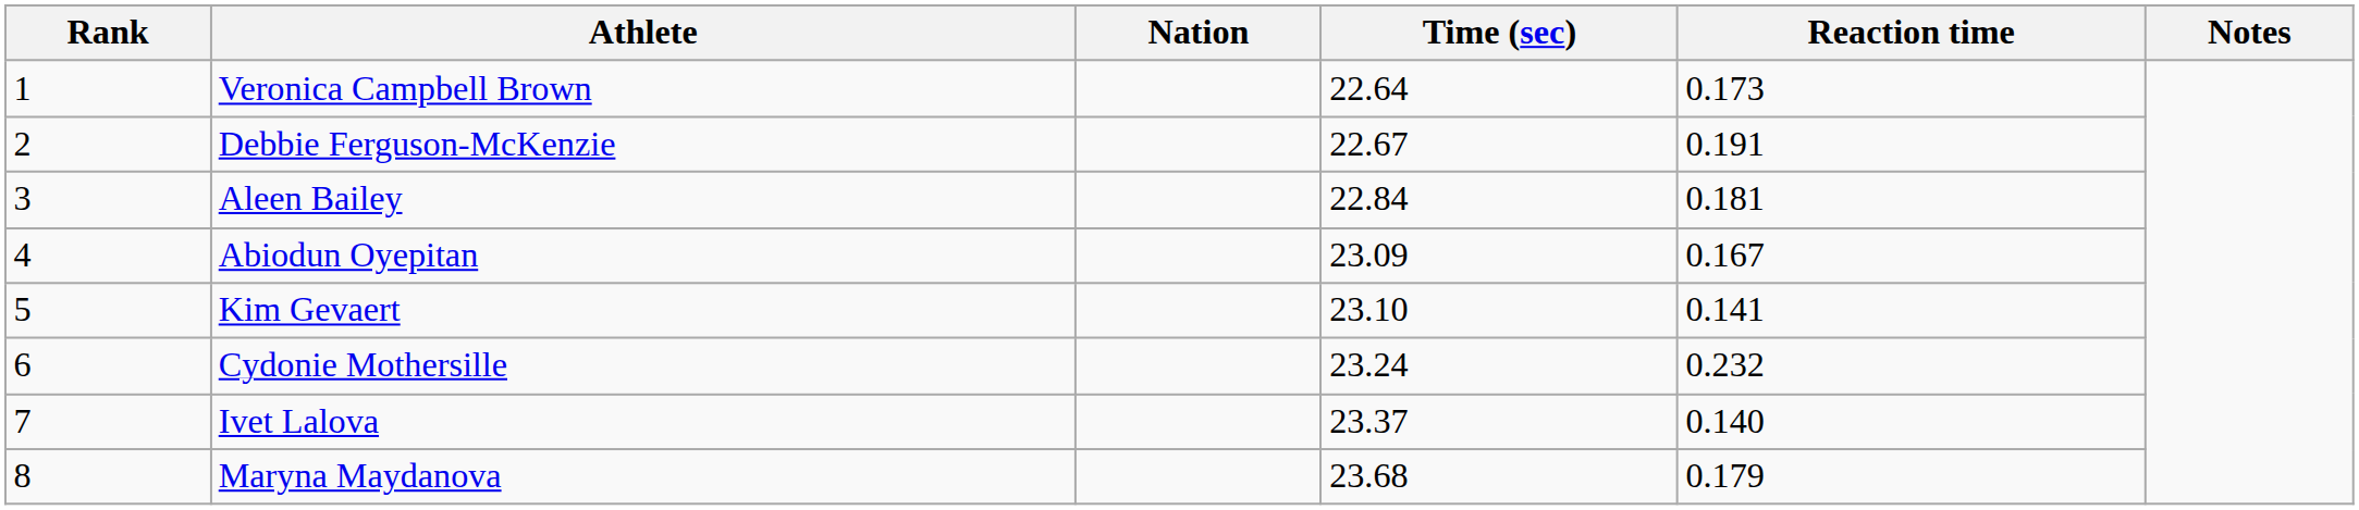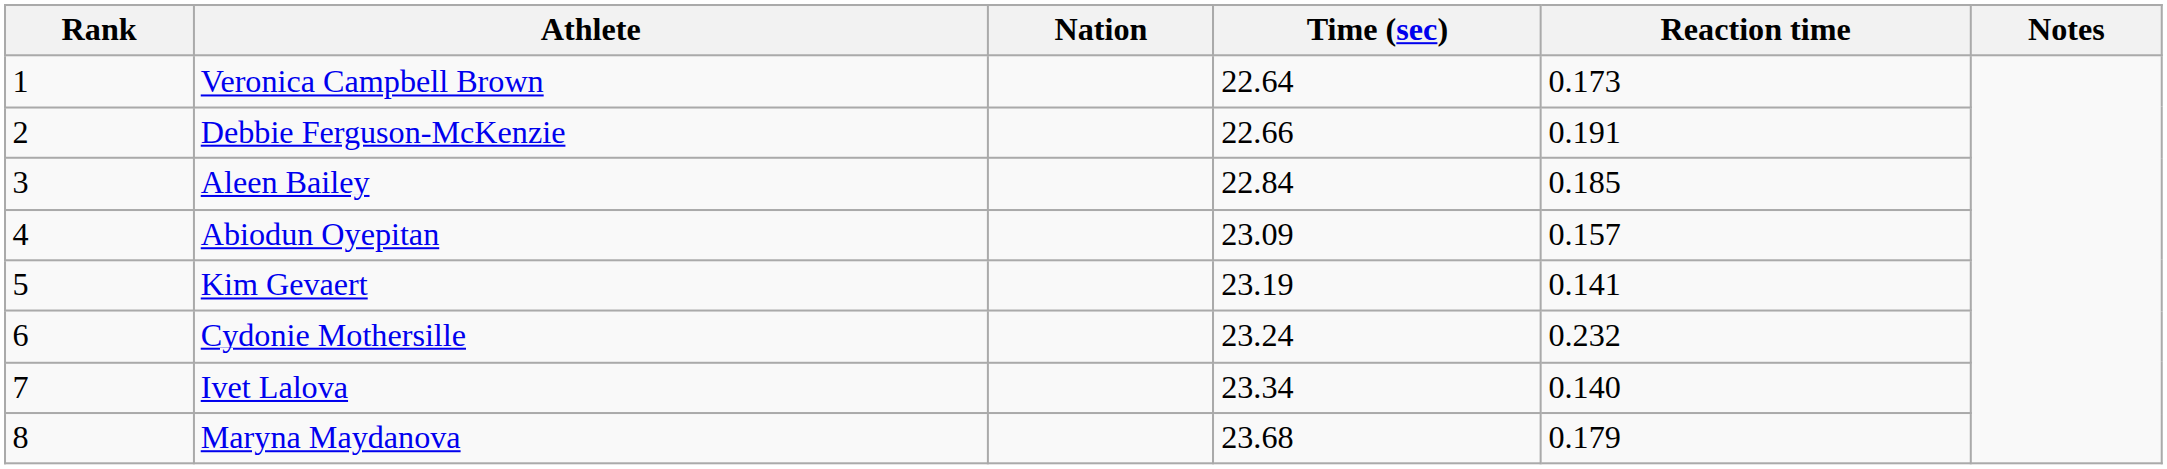 <table class="wikitable" style="text=align:center;" width=85%>
 <tr>
 <th>Rank</th>
 <th>Athlete</th>
 <th>Nation</th>
 <th>Time (<a href='#'>sec</a>)</th>
 <th>Reaction time</th>
 <th>Notes</th>
 </tr>
 <tr>
 <td>1</td>
 <td><a href='#'>Veronica Campbell Brown</a></td>
 <td></td>
 <td>22.64</td>
 <td>0.173</td>
 </tr>
 <tr>
 <td>2</td>
 <td><a href='#'>Debbie Ferguson-McKenzie</a></td>
 <td></td>
-<td>22.67</td>
+<td>22.66</td>
 <td>0.191</td>
 </tr>
 <tr>
 <td>3</td>
 <td><a href='#'>Aleen Bailey</a></td>
 <td></td>
 <td>22.84</td>
-<td>0.181</td>
+<td>0.185</td>
 </tr>
 <tr>
 <td>4</td>
 <td><a href='#'>Abiodun Oyepitan</a></td>
 <td></td>
 <td>23.09</td>
-<td>0.167</td>
+<td>0.157</td>
 </tr>
 <tr>
 <td>5</td>
 <td><a href='#'>Kim Gevaert</a></td>
 <td></td>
-<td>23.10</td>
+<td>23.19</td>
 <td>0.141</td>
 </tr>
 <tr>
 <td>6</td>
 <td><a href='#'>Cydonie Mothersille</a></td>
 <td></td>
 <td>23.24</td>
 <td>0.232</td>
 </tr>
 <tr>
 <td>7</td>
 <td><a href='#'>Ivet Lalova</a></td>
 <td></td>
-<td>23.37</td>
+<td>23.34</td>
 <td>0.140</td>
 </tr>
 <tr>
 <td>8</td>
 <td><a href='#'>Maryna Maydanova</a></td>
 <td></td>
 <td>23.68</td>
 <td>0.179</td>
 </tr>
 </table>
